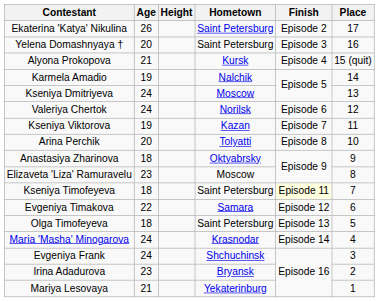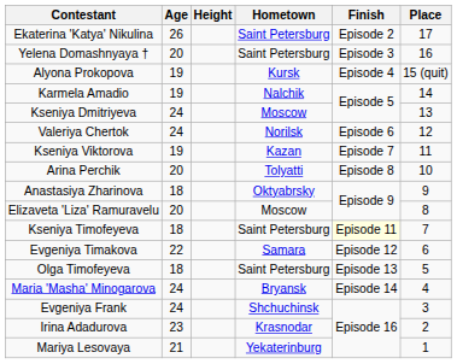 <table class="wikitable sortable" style="text-align:center;">
 <tr>
 <th>Contestant</th>
 <th>Age</th>
 <th>Height</th>
 <th>Hometown</th>
 <th>Finish</th>
 <th>Place</th>
 </tr>
 <tr>
 <td>Ekaterina 'Katya' Nikulina</td>
 <td>26</td>
 <td></td>
 <td><a href='#'>Saint Petersburg</a></td>
 <td>Episode 2</td>
 <td>17</td>
 </tr>
 <tr>
 <td>Yelena Domashnyaya †</td>
 <td>20</td>
 <td></td>
 <td>Saint Petersburg</td>
 <td>Episode 3</td>
 <td>16</td>
 </tr>
 <tr>
 <td>Alyona Prokopova</td>
-<td>21</td>
+<td>19</td>
 <td></td>
 <td><a href='#'>Kursk</a></td>
 <td>Episode 4</td>
 <td>15 (quit)</td>
 </tr>
 <tr>
 <td>Karmela Amadio</td>
 <td>19</td>
 <td></td>
 <td><a href='#'>Nalchik</a></td>
 <td rowspan="2">Episode 5</td>
 <td>14</td>
 </tr>
 <tr>
 <td>Kseniya Dmitriyeva</td>
 <td>24</td>
 <td></td>
 <td><a href='#'>Moscow</a></td>
 <td>13</td>
 </tr>
 <tr>
 <td>Valeriya Chertok</td>
 <td>24</td>
 <td></td>
 <td><a href='#'>Norilsk</a></td>
 <td>Episode 6</td>
 <td>12</td>
 </tr>
 <tr>
 <td>Kseniya Viktorova</td>
 <td>19</td>
 <td></td>
 <td><a href='#'>Kazan</a></td>
 <td>Episode 7</td>
 <td>11</td>
 </tr>
 <tr>
 <td>Arina Perchik</td>
 <td>20</td>
 <td></td>
 <td><a href='#'>Tolyatti</a></td>
 <td>Episode 8</td>
 <td>10</td>
 </tr>
 <tr>
 <td>Anastasiya Zharinova</td>
 <td>18</td>
 <td></td>
 <td><a href='#'>Oktyabrsky</a></td>
 <td rowspan="2">Episode 9</td>
 <td>9</td>
 </tr>
 <tr>
 <td>Elizaveta 'Liza' Ramuravelu</td>
-<td>23</td>
+<td>20</td>
 <td></td>
 <td>Moscow</td>
 <td>8</td>
 </tr>
 <tr>
 <td>Kseniya Timofeyeva</td>
 <td>18</td>
 <td></td>
 <td>Saint Petersburg</td>
 <td style="background: lightyellow;">Episode 11</td>
 <td>7</td>
 </tr>
 <tr>
 <td>Evgeniya Timakova</td>
 <td>22</td>
 <td></td>
 <td><a href='#'>Samara</a></td>
 <td>Episode 12</td>
 <td>6</td>
 </tr>
 <tr>
 <td>Olga Timofeyeva</td>
 <td>18</td>
 <td></td>
 <td>Saint Petersburg</td>
 <td>Episode 13</td>
 <td>5</td>
 </tr>
 <tr>
 <td><a href='#'>Maria 'Masha' Minogarova</a></td>
 <td>24</td>
 <td></td>
-<td><a href='#'>Krasnodar</a></td>
+<td><a href='#'>Bryansk</a></td>
 <td>Episode 14</td>
 <td>4</td>
 </tr>
 <tr>
 <td>Evgeniya Frank</td>
 <td>24</td>
 <td></td>
 <td><a href='#'>Shchuchinsk</a></td>
 <td rowspan="3">Episode 16</td>
 <td>3</td>
 </tr>
 <tr>
 <td>Irina Adadurova</td>
 <td>23</td>
 <td></td>
-<td><a href='#'>Bryansk</a></td>
+<td><a href='#'>Krasnodar</a></td>
 <td>2</td>
 </tr>
 <tr>
 <td>Mariya Lesovaya</td>
 <td>21</td>
 <td></td>
 <td><a href='#'>Yekaterinburg</a></td>
 <td>1</td>
 </tr>
 </table>
